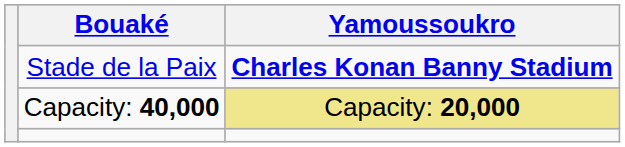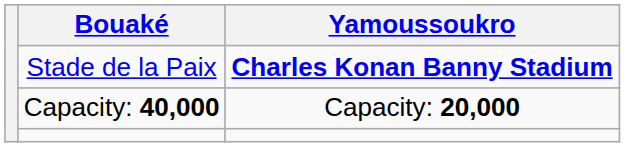 <table class="wikitable" style="margin:1em auto; text-align:center">
 <tr>
 <th rowspan="8" colspan="2"></th>
 <th><a href='#'>Bouaké</a></th>
 <th><a href='#'>Yamoussoukro</a></th>
 </tr>
 <tr>
 <td><a href='#'>Stade de la Paix</a></td>
 <td><strong><a href='#'>Charles Konan Banny Stadium</a></strong></td>
 </tr>
 <tr>
 <td>Capacity: <strong>40,000</strong></td>
-<td style="background: khaki;">Capacity: <strong>20,000</strong></td>
+<td>Capacity: <strong>20,000</strong></td>
 </tr>
 <tr>
 <td></td>
 <td></td>
 </tr>
 </table>
